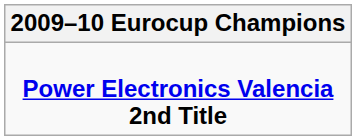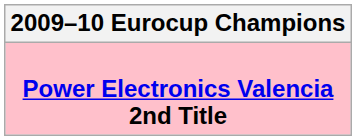 <table class=wikitable style="text-align:center; margin:auto">
 <tr>
 <th>2009–10 Eurocup Champions</th>
 </tr>
 <tr>
-<td> <br> <strong><a href='#'>Power Electronics Valencia</a></strong> <br> <strong>2nd Title</strong></td>
+<td style="background: pink;"> <br> <strong><a href='#'>Power Electronics Valencia</a></strong> <br> <strong>2nd Title</strong></td>
 </tr>
 </table>
